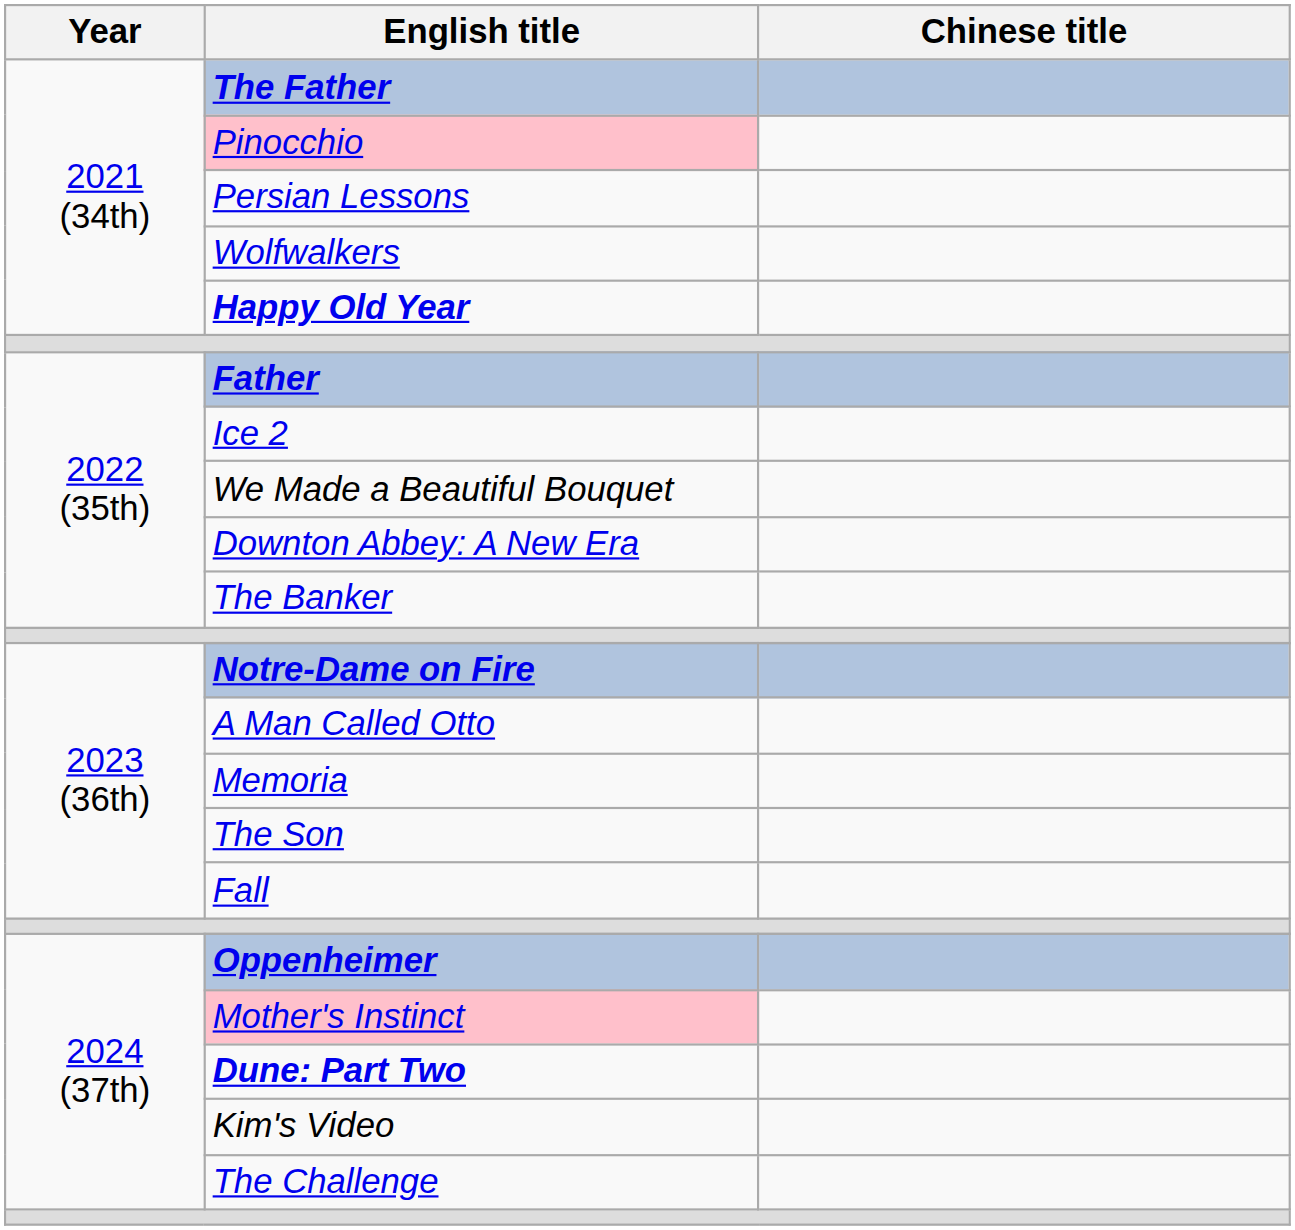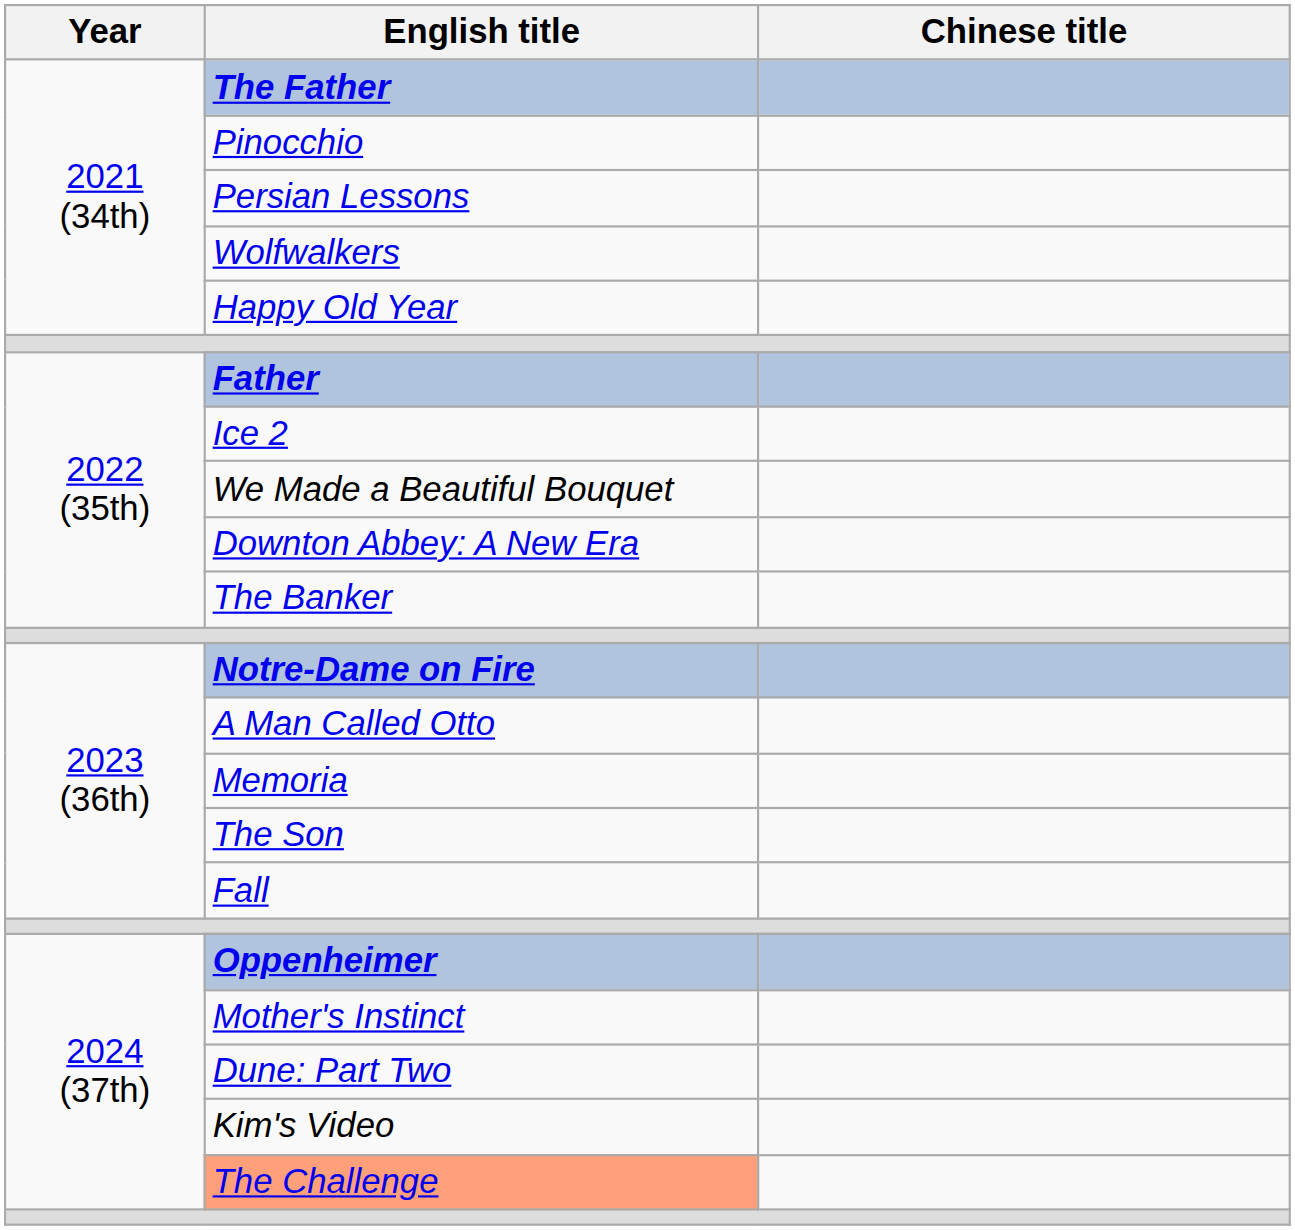 <table class="wikitable" width="95%" cellpadding="5">
 <tr>
 <th width="100"><strong>Year</strong></th>
 <th width="300"><strong>English title</strong></th>
 <th width="300"><strong>Chinese title</strong></th>
 </tr>
 <tr>
 <td rowspan="5" style="text-align:center;"><a href='#'>2021</a><br>(34th)</td>
 <td style="background:#B0C4DE;"><strong><em><a href='#'>The Father</a></em></strong></td>
 <td style="background:#B0C4DE;"><strong></strong></td>
 </tr>
 <tr>
-<td style="background: pink;"><em><a href='#'>Pinocchio</a></em></td>
+<td><em><a href='#'>Pinocchio</a></em></td>
 <td></td>
 </tr>
 <tr>
 <td><em><a href='#'>Persian Lessons</a></em></td>
 <td></td>
 </tr>
 <tr>
 <td><em><a href='#'>Wolfwalkers</a></em></td>
 <td></td>
 </tr>
 <tr>
-<td><strong><em><a href='#'>Happy Old Year</a></em></strong></td>
+<td><em><a href='#'>Happy Old Year</a></em></td>
 <td></td>
 </tr>
 <tr bgcolor=#DDDDDD>
 <td colspan=5></td>
 </tr>
 <tr>
 <td rowspan="5" style="text-align:center;"><a href='#'>2022</a> <br>(35th)</td>
 <td style="background:#B0C4DE;"><strong><em><a href='#'>Father</a></em></strong></td>
 <td style="background:#B0C4DE;"><strong></strong></td>
 </tr>
 <tr>
 <td><em><a href='#'>Ice 2</a></em></td>
 <td></td>
 </tr>
 <tr>
 <td><em>We Made a Beautiful Bouquet</em></td>
 <td></td>
 </tr>
 <tr>
 <td><em><a href='#'>Downton Abbey: A New Era</a></em></td>
 <td></td>
 </tr>
 <tr>
 <td><em><a href='#'>The Banker</a></em></td>
 <td></td>
 </tr>
 <tr bgcolor=#DDDDDD>
 <td colspan=5></td>
 </tr>
 <tr>
 <td rowspan="6" style="text-align:center;"><a href='#'>2023</a><br>(36th)</td>
 </tr>
 <tr style="background:#B0C4DE;">
 <td><strong><em><a href='#'>Notre-Dame on Fire</a></em></strong></td>
 <td></td>
 </tr>
 <tr>
 <td><em><a href='#'>A Man Called Otto</a></em></td>
 <td><em></em></td>
 </tr>
 <tr>
 <td><em><a href='#'>Memoria</a></em></td>
 <td></td>
 </tr>
 <tr>
 <td><em><a href='#'>The Son</a></em></td>
 <td></td>
 </tr>
 <tr>
 <td><em><a href='#'>Fall</a></em></td>
 <td></td>
 </tr>
 <tr bgcolor=#DDDDDD>
 <td colspan=5></td>
 </tr>
 <tr>
 <td rowspan="6" style="text-align:center;"><a href='#'>2024</a><br>(37th)</td>
 </tr>
 <tr style="background:#B0C4DE;">
 <td><strong><em><a href='#'>Oppenheimer</a></em></strong></td>
 <td></td>
 </tr>
 <tr>
-<td style="background: pink;"><em><a href='#'>Mother's Instinct</a></em></td>
+<td><em><a href='#'>Mother's Instinct</a></em></td>
 <td><em></em></td>
 </tr>
 <tr>
-<td><strong><em><a href='#'>Dune: Part Two</a></em></strong></td>
+<td><em><a href='#'>Dune: Part Two</a></em></td>
 <td></td>
 </tr>
 <tr>
 <td><em>Kim's Video</em></td>
 <td></td>
 </tr>
 <tr>
-<td><em><a href='#'>The Challenge</a></em></td>
+<td style="background: lightsalmon;"><em><a href='#'>The Challenge</a></em></td>
 <td></td>
 </tr>
 <tr bgcolor=#DDDDDD>
 <td colspan=5></td>
 </tr>
 </table>
